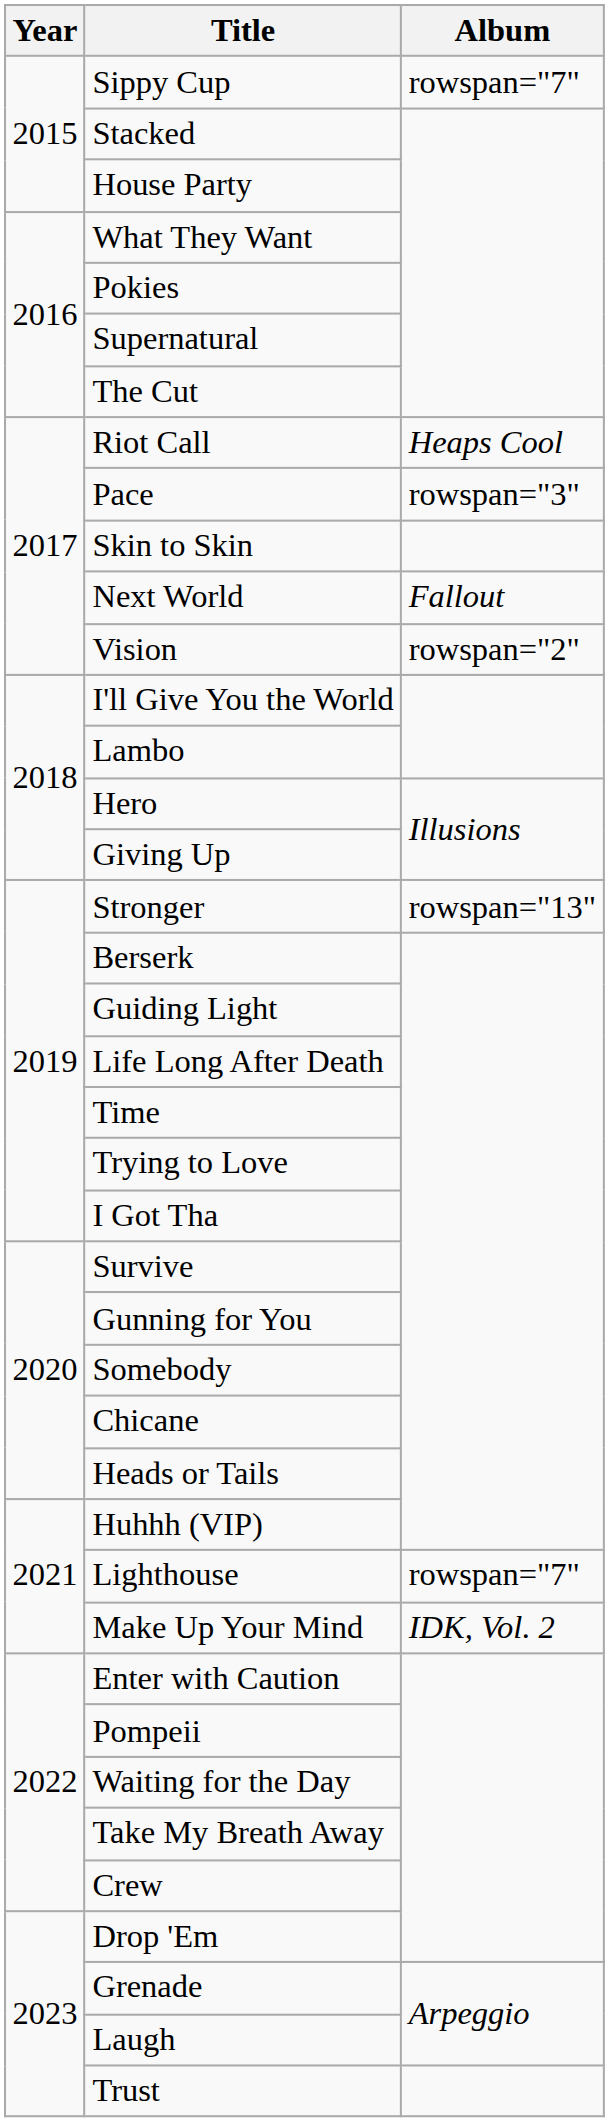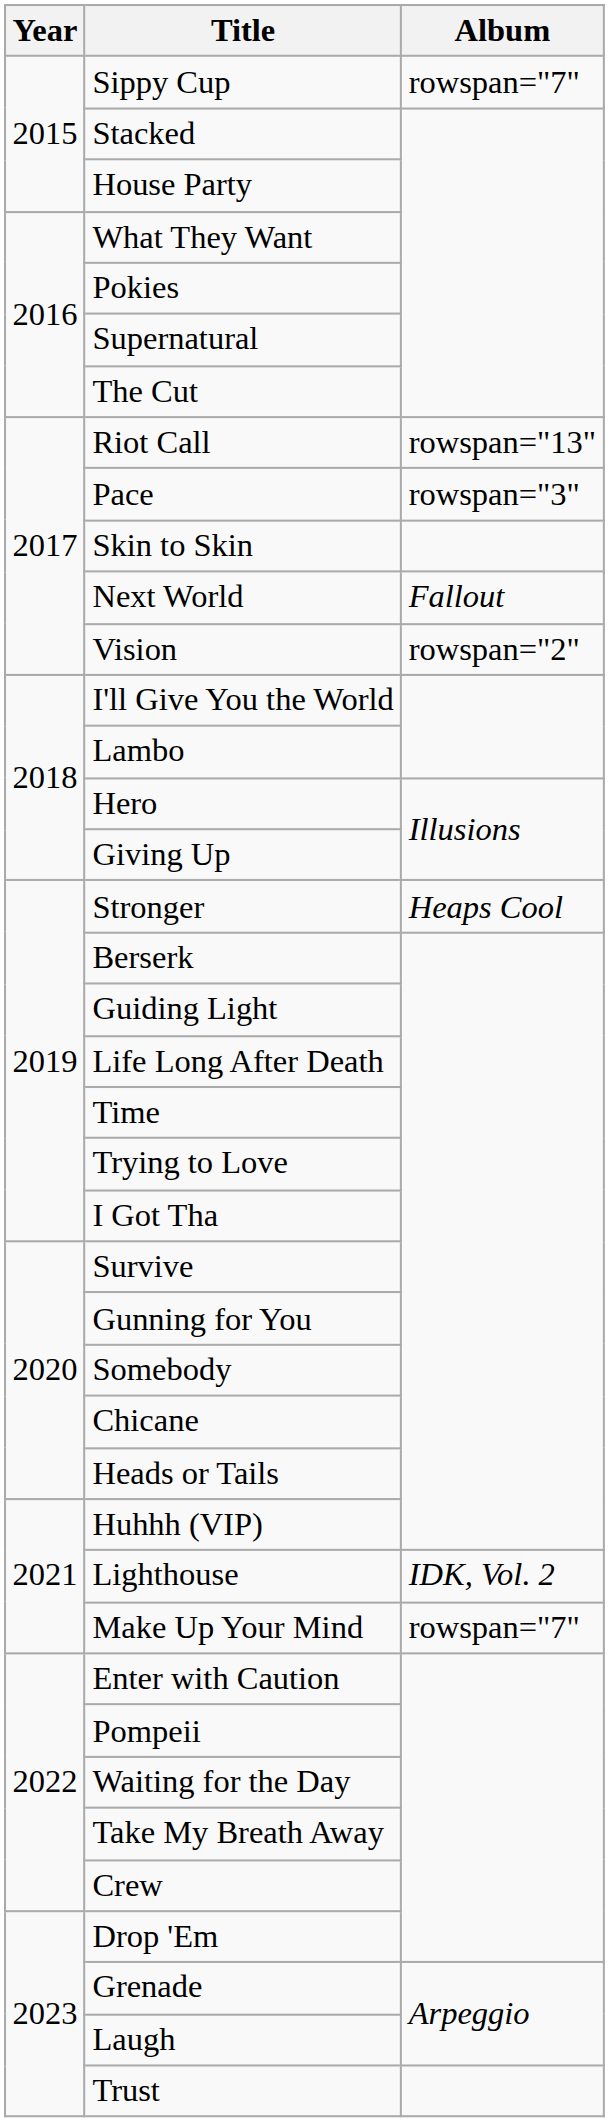 <table class="wikitable">
 <tr>
 <th>Year</th>
 <th>Title</th>
 <th>Album</th>
 </tr>
 <tr>
 <td rowspan="3">2015</td>
 <td>Sippy Cup<br></td>
 <td>rowspan="7" </td>
 </tr>
 <tr>
 <td>Stacked <br></td>
 </tr>
 <tr>
 <td>House Party <br></td>
 </tr>
 <tr>
 <td rowspan="4">2016</td>
 <td>What They Want <br></td>
 </tr>
 <tr>
 <td>Pokies</td>
 </tr>
 <tr>
 <td>Supernatural <br></td>
 </tr>
 <tr>
 <td>The Cut</td>
 </tr>
 <tr>
 <td rowspan="5">2017</td>
 <td>Riot Call <br></td>
-<td><em>Heaps Cool</em></td>
+<td>rowspan="13" </td>
 </tr>
 <tr>
 <td>Pace <br></td>
 <td>rowspan="3" </td>
 </tr>
 <tr>
 <td>Skin to Skin <br></td>
 </tr>
 <tr>
 <td>Next World <br></td>
 <td><em>Fallout</em></td>
 </tr>
 <tr>
 <td>Vision <br></td>
 <td>rowspan="2" </td>
 </tr>
 <tr>
 <td rowspan="4">2018</td>
 <td>I'll Give You the World <br></td>
 </tr>
 <tr>
 <td>Lambo <br></td>
 </tr>
 <tr>
 <td>Hero <br></td>
 <td rowspan="2"><em>Illusions</em></td>
 </tr>
 <tr>
 <td>Giving Up <br></td>
 </tr>
 <tr>
 <td rowspan="7">2019</td>
 <td>Stronger <br></td>
-<td>rowspan="13" </td>
+<td><em>Heaps Cool</em></td>
 </tr>
 <tr>
 <td>Berserk <br></td>
 </tr>
 <tr>
 <td>Guiding Light <br></td>
 </tr>
 <tr>
 <td>Life Long After Death <br></td>
 </tr>
 <tr>
 <td>Time <br></td>
 </tr>
 <tr>
 <td>Trying to Love <br></td>
 </tr>
 <tr>
 <td>I Got Tha</td>
 </tr>
 <tr>
 <td rowspan="5">2020</td>
 <td>Survive</td>
 </tr>
 <tr>
 <td>Gunning for You <br></td>
 </tr>
 <tr>
 <td>Somebody <br></td>
 </tr>
 <tr>
 <td>Chicane <br></td>
 </tr>
 <tr>
 <td>Heads or Tails <br></td>
 </tr>
 <tr>
 <td rowspan="3">2021</td>
 <td>Huhhh (VIP)</td>
 </tr>
 <tr>
 <td>Lighthouse</td>
-<td>rowspan="7" </td>
+<td><em>IDK, Vol. 2</em></td>
 </tr>
 <tr>
 <td>Make Up Your Mind <br></td>
-<td><em>IDK, Vol. 2</em></td>
+<td>rowspan="7" </td>
 </tr>
 <tr>
 <td rowspan="5">2022</td>
 <td>Enter with Caution <br></td>
 </tr>
 <tr>
 <td>Pompeii <br></td>
 </tr>
 <tr>
 <td>Waiting for the Day <br></td>
 </tr>
 <tr>
 <td>Take My Breath Away <br></td>
 </tr>
 <tr>
 <td>Crew <br></td>
 </tr>
 <tr>
 <td rowspan="4">2023</td>
 <td>Drop 'Em <br></td>
 </tr>
 <tr>
 <td>Grenade</td>
 <td rowspan="2"><em>Arpeggio</em></td>
 </tr>
 <tr>
 <td>Laugh</td>
 </tr>
 <tr>
 <td>Trust</td>
 <td></td>
 </tr>
 </table>
